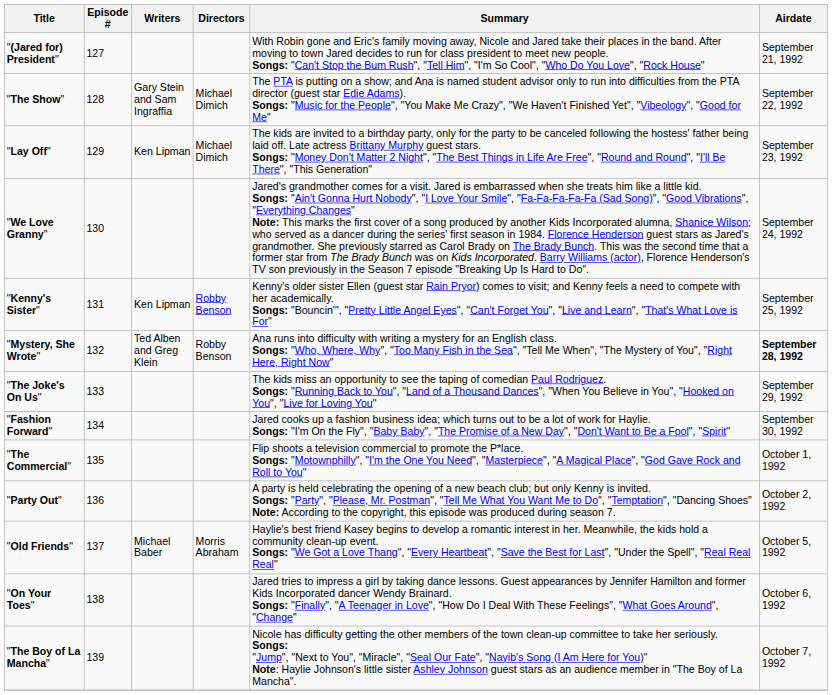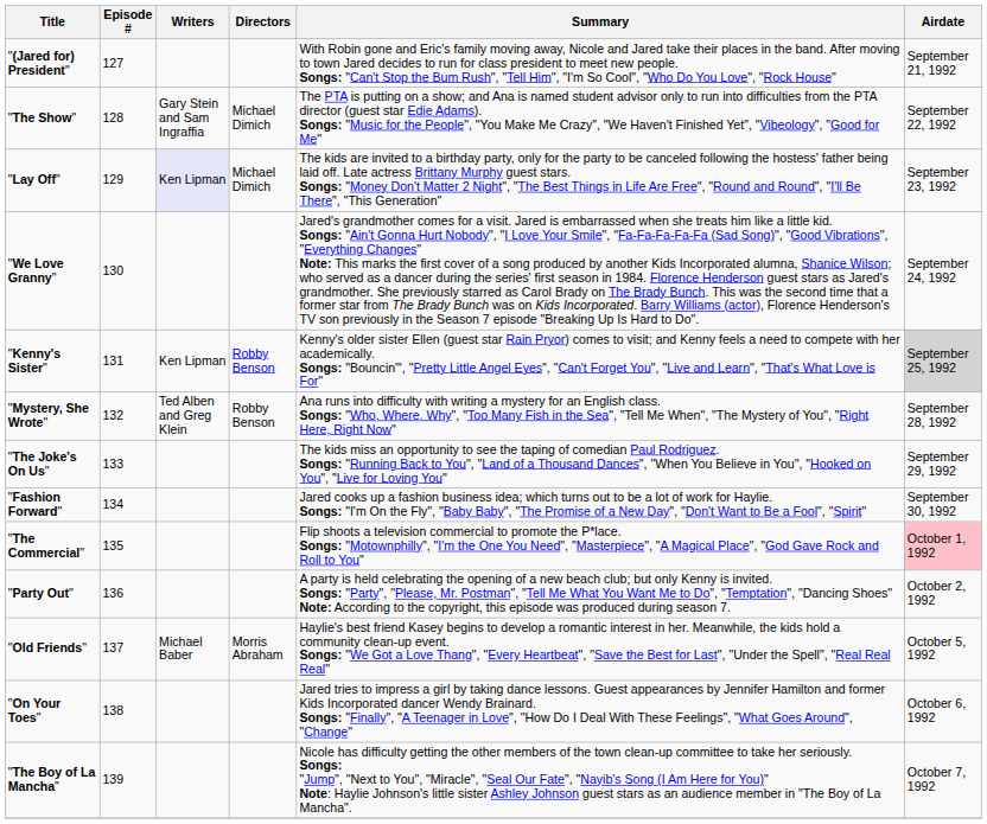 <table class="wikitable">
 <tr>
 <th>Title</th>
 <th>Episode #</th>
 <th>Writers</th>
 <th>Directors</th>
 <th>Summary</th>
 <th>Airdate</th>
 </tr>
 <tr>
 <td>"<strong>(Jared for) President</strong>"</td>
 <td>127</td>
 <td></td>
 <td></td>
 <td>With Robin gone and Eric's family moving away, Nicole and Jared take their places in the band. After moving to town Jared decides to run for class president to meet new people.<br><strong>Songs:</strong> "<a href='#'>Can't Stop the Bum Rush</a>", "<a href='#'>Tell Him</a>", "I'm So Cool", "<a href='#'>Who Do You Love</a>", "<a href='#'>Rock House</a>"</td>
 <td>September 21, 1992</td>
 </tr>
 <tr>
 <td>"<strong>The Show</strong>"</td>
 <td>128</td>
 <td>Gary Stein and Sam Ingraffia</td>
 <td>Michael Dimich</td>
 <td>The <a href='#'>PTA</a> is putting on a show; and Ana is named student advisor only to run into difficulties from the PTA director (guest star <a href='#'>Edie Adams</a>).<br><strong>Songs:</strong> "<a href='#'>Music for the People</a>", "You Make Me Crazy", "We Haven't Finished Yet", "<a href='#'>Vibeology</a>", "<a href='#'>Good for Me</a>"</td>
 <td>September 22, 1992</td>
 </tr>
 <tr>
 <td>"<strong>Lay Off</strong>"</td>
 <td>129</td>
-<td>Ken Lipman</td>
+<td style="background: lavender;">Ken Lipman</td>
 <td>Michael Dimich</td>
 <td>The kids are invited to a birthday party, only for the party to be canceled following the hostess' father being laid off. Late actress <a href='#'>Brittany Murphy</a> guest stars.<br><strong>Songs:</strong> "<a href='#'>Money Don't Matter 2 Night</a>", "<a href='#'>The Best Things in Life Are Free</a>", "<a href='#'>Round and Round</a>", "<a href='#'>I'll Be There</a>", "This Generation"</td>
 <td>September 23, 1992</td>
 </tr>
 <tr>
 <td>"<strong>We Love Granny</strong>"</td>
 <td>130</td>
 <td></td>
 <td></td>
 <td>Jared's grandmother comes for a visit. Jared is embarrassed when she treats him like a little kid.<br><strong>Songs:</strong> "<a href='#'>Ain't Gonna Hurt Nobody</a>", "<a href='#'>I Love Your Smile</a>", "<a href='#'>Fa-Fa-Fa-Fa-Fa (Sad Song)</a>", "<a href='#'>Good Vibrations</a>", "<a href='#'>Everything Changes</a>"<br><strong>Note:</strong> This marks the first cover of a song produced by another Kids Incorporated alumna, <a href='#'>Shanice Wilson</a>; who served as a dancer during the series' first season in 1984. <a href='#'>Florence Henderson</a> guest stars as Jared's grandmother. She previously starred as Carol Brady on <a href='#'>The Brady Bunch</a>. This was the second time that a former star from <em>The Brady Bunch</em> was on <em>Kids Incorporated</em>. <a href='#'>Barry Williams (actor)</a>, Florence Henderson's TV son previously in the Season 7 episode "Breaking Up Is Hard to Do".</td>
 <td>September 24, 1992</td>
 </tr>
 <tr>
 <td>"<strong>Kenny's Sister</strong>"</td>
 <td>131</td>
 <td>Ken Lipman</td>
 <td><a href='#'>Robby Benson</a></td>
 <td>Kenny's older sister Ellen (guest star <a href='#'>Rain Pryor</a>) comes to visit; and Kenny feels a need to compete with her academically.<br><strong>Songs:</strong> "Bouncin'", "<a href='#'>Pretty Little Angel Eyes</a>", "<a href='#'>Can't Forget You</a>", "<a href='#'>Live and Learn</a>", "<a href='#'>That's What Love is For</a>"<br></td>
-<td>September 25, 1992</td>
+<td style="background: lightgrey;">September 25, 1992</td>
 </tr>
 <tr>
 <td>"<strong>Mystery, She Wrote</strong>"</td>
 <td>132</td>
 <td>Ted Alben and Greg Klein</td>
 <td>Robby Benson</td>
 <td>Ana runs into difficulty with writing a mystery for an English class.<br><strong>Songs:</strong> "<a href='#'>Who, Where, Why</a>", "<a href='#'>Too Many Fish in the Sea</a>", "Tell Me When", "The Mystery of You", "<a href='#'>Right Here, Right Now</a>"</td>
-<td><strong>September 28, 1992</strong></td>
+<td>September 28, 1992</td>
 </tr>
 <tr>
 <td>"<strong>The Joke's On Us</strong>"</td>
 <td>133</td>
 <td></td>
 <td></td>
 <td>The kids miss an opportunity to see the taping of comedian <a href='#'>Paul Rodriguez</a>.<br><strong>Songs:</strong> "<a href='#'>Running Back to You</a>", "<a href='#'>Land of a Thousand Dances</a>", "When You Believe in You", "<a href='#'>Hooked on You</a>", "<a href='#'>Live for Loving You</a>"</td>
 <td>September 29, 1992</td>
 </tr>
 <tr>
 <td>"<strong>Fashion Forward</strong>"</td>
 <td>134</td>
 <td></td>
 <td></td>
 <td>Jared cooks up a fashion business idea; which turns out to be a lot of work for Haylie.<br><strong>Songs:</strong> "I'm On the Fly", "<a href='#'>Baby Baby</a>", "<a href='#'>The Promise of a New Day</a>", "<a href='#'>Don't Want to Be a Fool</a>", "<a href='#'>Spirit</a>"</td>
 <td>September 30, 1992</td>
 </tr>
 <tr>
 <td>"<strong>The Commercial</strong>"</td>
 <td>135</td>
 <td></td>
 <td></td>
 <td>Flip shoots a television commercial to promote the P*lace.<br><strong>Songs:</strong> "<a href='#'>Motownphilly</a>", "<a href='#'>I'm the One You Need</a>", "<a href='#'>Masterpiece</a>", "<a href='#'>A Magical Place</a>", "<a href='#'>God Gave Rock and Roll to You</a>"</td>
-<td>October 1, 1992</td>
+<td style="background: pink;">October 1, 1992</td>
 </tr>
 <tr>
 <td>"<strong>Party Out</strong>"</td>
 <td>136</td>
 <td></td>
 <td></td>
 <td>A party is held celebrating the opening of a new beach club; but only Kenny is invited.<br><strong>Songs:</strong> "<a href='#'>Party</a>", "<a href='#'>Please, Mr. Postman</a>", "<a href='#'>Tell Me What You Want Me to Do</a>", "<a href='#'>Temptation</a>", "Dancing Shoes"<br><strong>Note:</strong> According to the copyright, this episode was produced during season 7.</td>
 <td>October 2, 1992</td>
 </tr>
 <tr>
 <td>"<strong>Old Friends</strong>"</td>
 <td>137</td>
 <td>Michael Baber</td>
 <td>Morris Abraham</td>
 <td>Haylie's best friend Kasey begins to develop a romantic interest in her. Meanwhile, the kids hold a community clean-up event.<br><strong>Songs:</strong> "<a href='#'>We Got a Love Thang</a>", "<a href='#'>Every Heartbeat</a>", "<a href='#'>Save the Best for Last</a>", "Under the Spell", "<a href='#'>Real Real Real</a>"</td>
 <td>October 5, 1992</td>
 </tr>
 <tr>
 <td>"<strong>On Your Toes</strong>"</td>
 <td>138</td>
 <td></td>
 <td></td>
 <td>Jared tries to impress a girl by taking dance lessons. Guest appearances by Jennifer Hamilton and former Kids Incorporated dancer Wendy Brainard.<br><strong>Songs:</strong> "<a href='#'>Finally</a>", "<a href='#'>A Teenager in Love</a>", "How Do I Deal With These Feelings", "<a href='#'>What Goes Around</a>", "<a href='#'>Change</a>"</td>
 <td>October 6, 1992</td>
 </tr>
 <tr>
 <td>"<strong>The Boy of La Mancha</strong>"</td>
 <td>139</td>
 <td></td>
 <td></td>
 <td>Nicole has difficulty getting the other members of the town clean-up committee to take her seriously.<br><strong>Songs:</strong><br> "<a href='#'>Jump</a>", "Next to You", "Miracle", "<a href='#'>Seal Our Fate</a>", "<a href='#'>Nayib's Song (I Am Here for You)</a>"<br> <strong>Note</strong>: Haylie Johnson's little sister <a href='#'>Ashley Johnson</a> guest stars as an audience member in "The Boy of La Mancha".</td>
 <td>October 7, 1992</td>
 </tr>
 <tr>
 </tr>
 </table>
